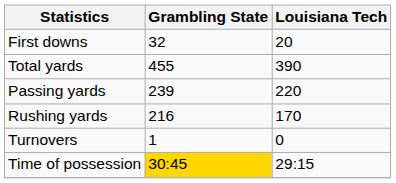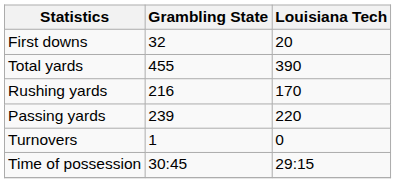 <table class="wikitable" style="float: left;">
 <tr>
 <th>Statistics</th>
 <th>Grambling State</th>
 <th>Louisiana Tech</th>
 </tr>
 <tr>
 <td>First downs</td>
 <td>32</td>
 <td>20</td>
 </tr>
 <tr>
 <td>Total yards</td>
 <td>455</td>
 <td>390</td>
 </tr>
 <tr>
+<td>Rushing yards</td>
+<td>216</td>
+<td>170</td>
+</tr>
+<tr>
 <td>Passing yards</td>
 <td>239</td>
 <td>220</td>
-</tr>
-<tr>
-<td>Rushing yards</td>
-<td>216</td>
-<td>170</td>
 </tr>
 <tr>
 <td>Turnovers</td>
 <td>1</td>
 <td>0</td>
 </tr>
 <tr>
 <td>Time of possession</td>
-<td style="background: gold;">30:45</td>
+<td>30:45</td>
 <td>29:15</td>
 </tr>
 <tr>
 </tr>
 </table>
